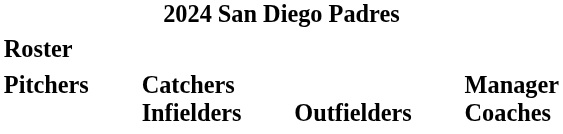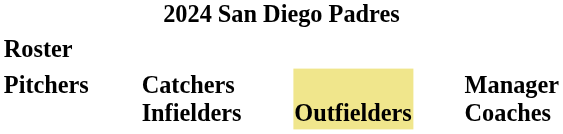 <table class="toccolours" style="font-size: 95%;">
 <tr>
 <th colspan="10">2024 San Diego Padres</th>
 </tr>
 <tr>
 <td colspan="10"><strong>Roster</strong></td>
 </tr>
 <tr>
 <td valign="top"><strong>Pitchers</strong><br>                         </td>
 <td width="25px"></td>
 <td valign="top"><strong>Catchers</strong><br>    <strong>Infielders</strong>            </td>
 <td width="25px"></td>
-<td valign="top"><br><strong>Outfielders</strong>       </td>
+<td valign="top" style="background: khaki;"><br><strong>Outfielders</strong>       </td>
 <td width="25px"></td>
 <td valign="top"><strong>Manager</strong><br> <strong>Coaches</strong>                      </td>
 </tr>
 </table>
